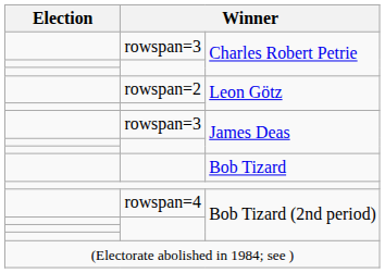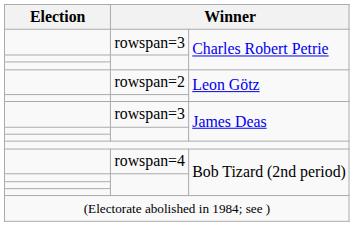 <table class=wikitable>
 <tr>
 <th width=100>Election</th>
 <th width=175 colspan=2>Winner</th>
 </tr>
 <tr>
 <td></td>
 <td>rowspan=3 </td>
 <td rowspan=3><a href='#'>Charles Robert Petrie</a></td>
 </tr>
 <tr>
 <td></td>
 </tr>
 <tr>
 <td></td>
 </tr>
 <tr>
 <td></td>
 <td>rowspan=2 </td>
 <td rowspan=2><a href='#'>Leon Götz</a></td>
 </tr>
 <tr>
 <td></td>
 </tr>
 <tr>
 <td></td>
 <td>rowspan=3 </td>
 <td rowspan=3><a href='#'>James Deas</a></td>
 </tr>
 <tr>
 <td></td>
 </tr>
 <tr>
 <td></td>
 </tr>
 <tr>
-<td></td>
-<td></td>
-<td><a href='#'>Bob Tizard</a></td>
-</tr>
-<tr>
 <td colspan=3 align=center></td>
 </tr>
 <tr>
 <td></td>
 <td>rowspan=4 </td>
 <td rowspan=4>Bob Tizard (2nd period)</td>
 </tr>
 <tr>
 <td></td>
 </tr>
 <tr>
 <td></td>
 </tr>
 <tr>
 <td></td>
 </tr>
 <tr>
 <td colspan=3 align=center><small>(Electorate abolished in 1984; see )</small></td>
 </tr>
 </table>
